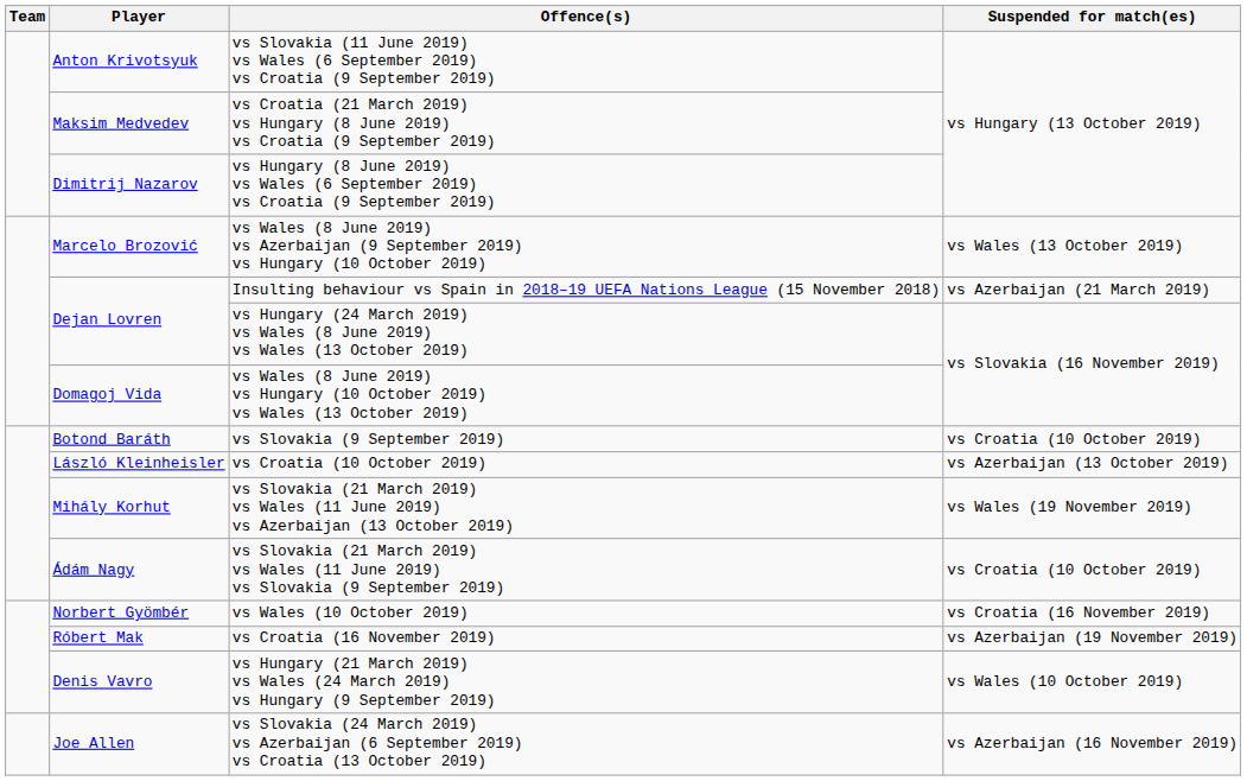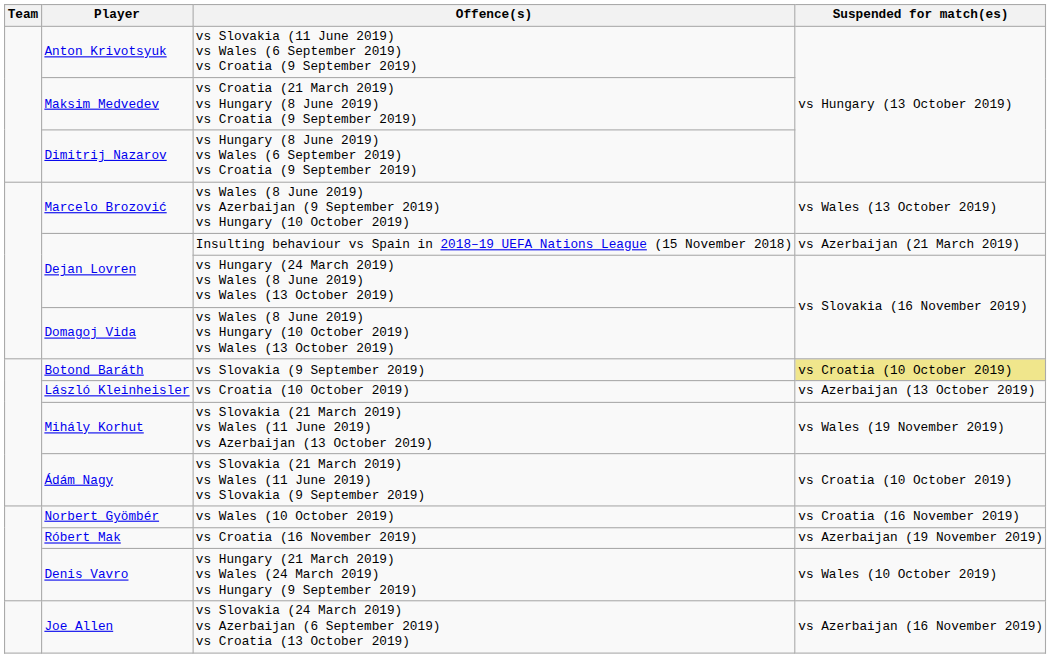 <table class="wikitable" style="font-size:90%">
 <tr>
 <th>Team</th>
 <th>Player</th>
 <th>Offence(s)</th>
 <th>Suspended for match(es)</th>
 </tr>
 <tr>
 <td rowspan=3></td>
 <td><a href='#'>Anton Krivotsyuk</a></td>
 <td> vs Slovakia (11 June 2019)<br> vs Wales (6 September 2019)<br> vs Croatia (9 September 2019)</td>
 <td rowspan=3>vs Hungary (13 October 2019)</td>
 </tr>
 <tr>
 <td><a href='#'>Maksim Medvedev</a></td>
 <td> vs Croatia (21 March 2019)<br> vs Hungary (8 June 2019)<br> vs Croatia (9 September 2019)</td>
 </tr>
 <tr>
 <td><a href='#'>Dimitrij Nazarov</a></td>
 <td> vs Hungary (8 June 2019)<br> vs Wales (6 September 2019)<br> vs Croatia (9 September 2019)</td>
 </tr>
 <tr>
 <td rowspan=4></td>
 <td><a href='#'>Marcelo Brozović</a></td>
 <td> vs Wales (8 June 2019)<br> vs Azerbaijan (9 September 2019)<br> vs Hungary (10 October 2019)</td>
 <td>vs Wales (13 October 2019)</td>
 </tr>
 <tr>
 <td rowspan=2><a href='#'>Dejan Lovren</a></td>
 <td>Insulting behaviour vs Spain in <a href='#'>2018–19 UEFA Nations League</a> (15 November 2018)</td>
 <td>vs Azerbaijan (21 March 2019)</td>
 </tr>
 <tr>
 <td> vs Hungary (24 March 2019)<br> vs Wales (8 June 2019)<br> vs Wales (13 October 2019)</td>
 <td rowspan=2>vs Slovakia (16 November 2019)</td>
 </tr>
 <tr>
 <td><a href='#'>Domagoj Vida</a></td>
 <td> vs Wales (8 June 2019)<br> vs Hungary (10 October 2019)<br> vs Wales (13 October 2019)</td>
 </tr>
 <tr>
 <td rowspan=4></td>
 <td><a href='#'>Botond Baráth</a></td>
 <td> vs Slovakia (9 September 2019)</td>
-<td>vs Croatia (10 October 2019)</td>
+<td style="background: khaki;">vs Croatia (10 October 2019)</td>
 </tr>
 <tr>
 <td><a href='#'>László Kleinheisler</a></td>
 <td> vs Croatia (10 October 2019)</td>
 <td>vs Azerbaijan (13 October 2019)</td>
 </tr>
 <tr>
 <td><a href='#'>Mihály Korhut</a></td>
 <td> vs Slovakia (21 March 2019)<br> vs Wales (11 June 2019)<br> vs Azerbaijan (13 October 2019)</td>
 <td>vs Wales (19 November 2019)</td>
 </tr>
 <tr>
 <td><a href='#'>Ádám Nagy</a></td>
 <td> vs Slovakia (21 March 2019)<br> vs Wales (11 June 2019)<br> vs Slovakia (9 September 2019)</td>
 <td>vs Croatia (10 October 2019)</td>
 </tr>
 <tr>
 <td rowspan=3></td>
 <td><a href='#'>Norbert Gyömbér</a></td>
 <td> vs Wales (10 October 2019)</td>
 <td>vs Croatia (16 November 2019)</td>
 </tr>
 <tr>
 <td><a href='#'>Róbert Mak</a></td>
 <td> vs Croatia (16 November 2019)</td>
 <td>vs Azerbaijan (19 November 2019)</td>
 </tr>
 <tr>
 <td><a href='#'>Denis Vavro</a></td>
 <td> vs Hungary (21 March 2019)<br> vs Wales (24 March 2019)<br> vs Hungary (9 September 2019)</td>
 <td>vs Wales (10 October 2019)</td>
 </tr>
 <tr>
 <td></td>
 <td><a href='#'>Joe Allen</a></td>
 <td> vs Slovakia (24 March 2019)<br> vs Azerbaijan (6 September 2019)<br> vs Croatia (13 October 2019)</td>
 <td>vs Azerbaijan (16 November 2019)</td>
 </tr>
 </table>
